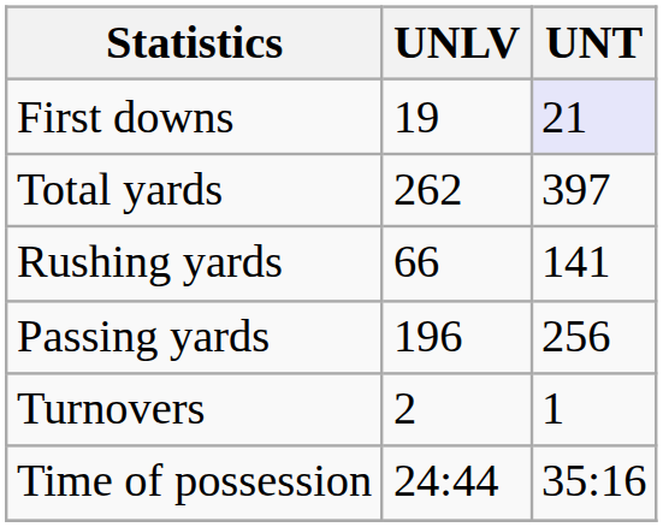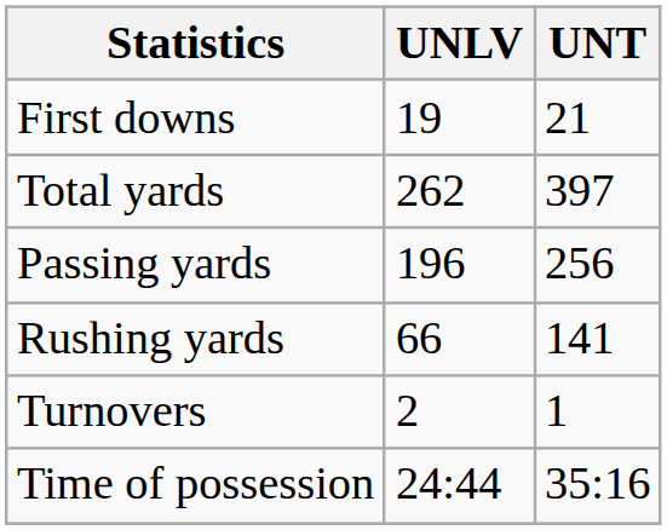 <table class="wikitable" style="float: left;">
 <tr>
 <th>Statistics</th>
 <th>UNLV</th>
 <th>UNT</th>
 </tr>
 <tr>
 <td>First downs</td>
 <td>19</td>
-<td style="background: lavender;">21</td>
+<td>21</td>
 </tr>
 <tr>
 <td>Total yards</td>
 <td>262</td>
 <td>397</td>
 </tr>
 <tr>
+<td>Passing yards</td>
+<td>196</td>
+<td>256</td>
+</tr>
+<tr>
 <td>Rushing yards</td>
 <td>66</td>
 <td>141</td>
-</tr>
-<tr>
-<td>Passing yards</td>
-<td>196</td>
-<td>256</td>
 </tr>
 <tr>
 <td>Turnovers</td>
 <td>2</td>
 <td>1</td>
 </tr>
 <tr>
 <td>Time of possession</td>
 <td>24:44</td>
 <td>35:16</td>
 </tr>
 <tr>
 </tr>
 </table>
